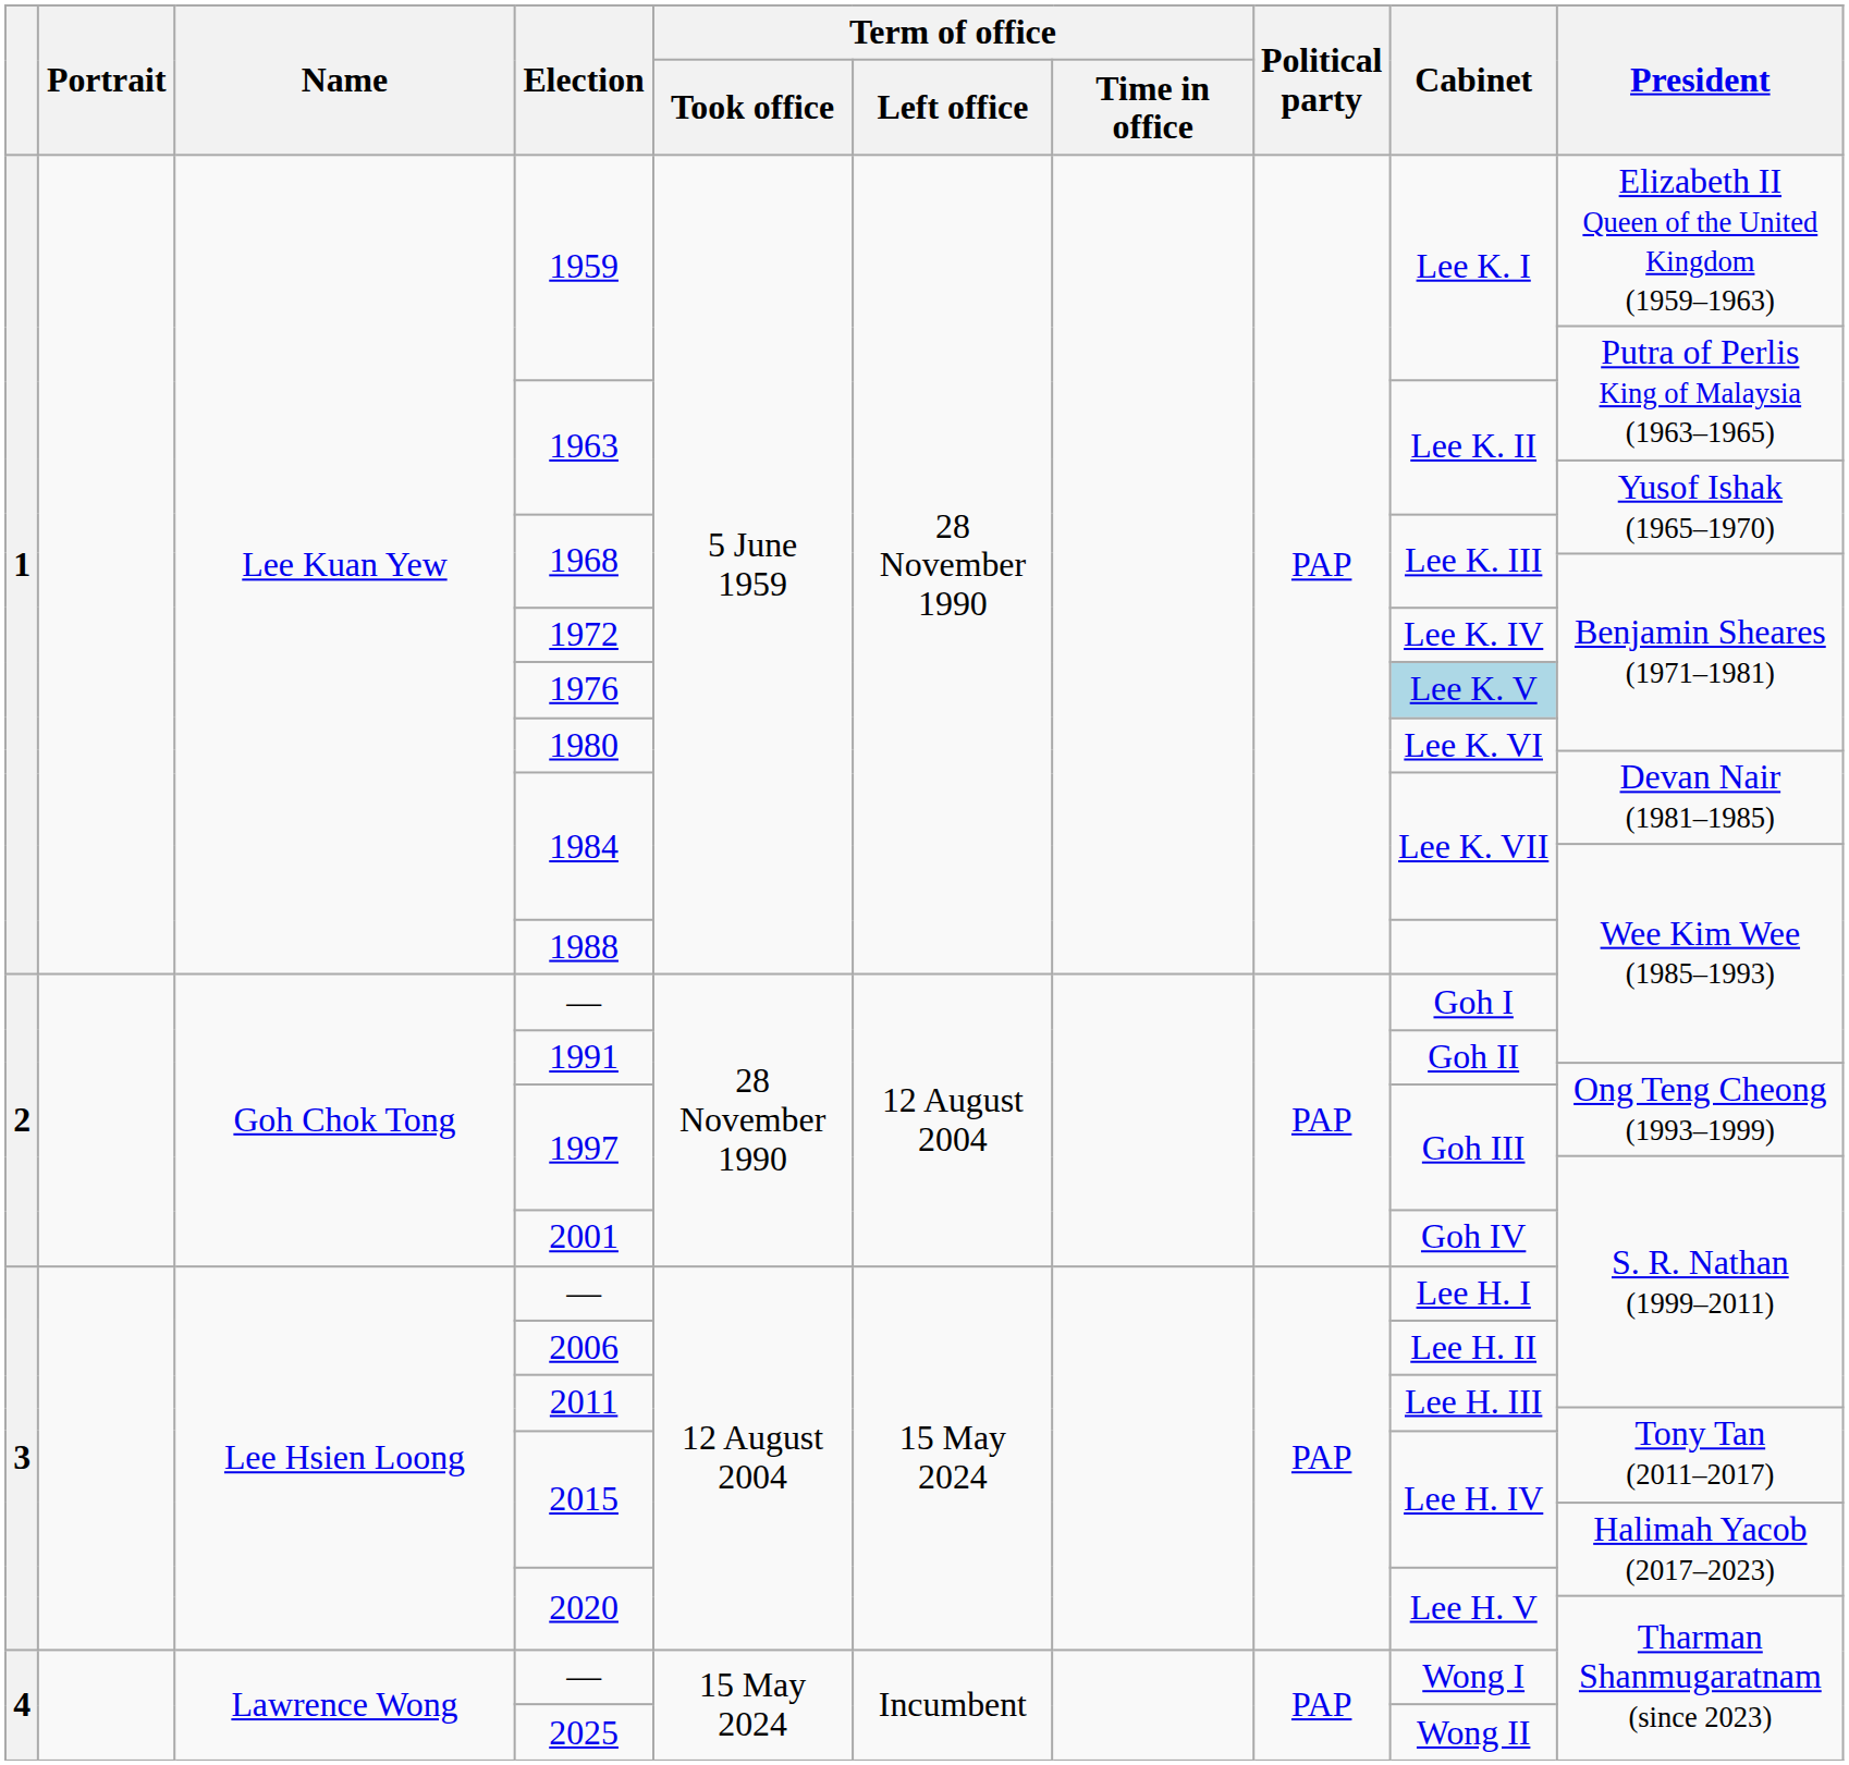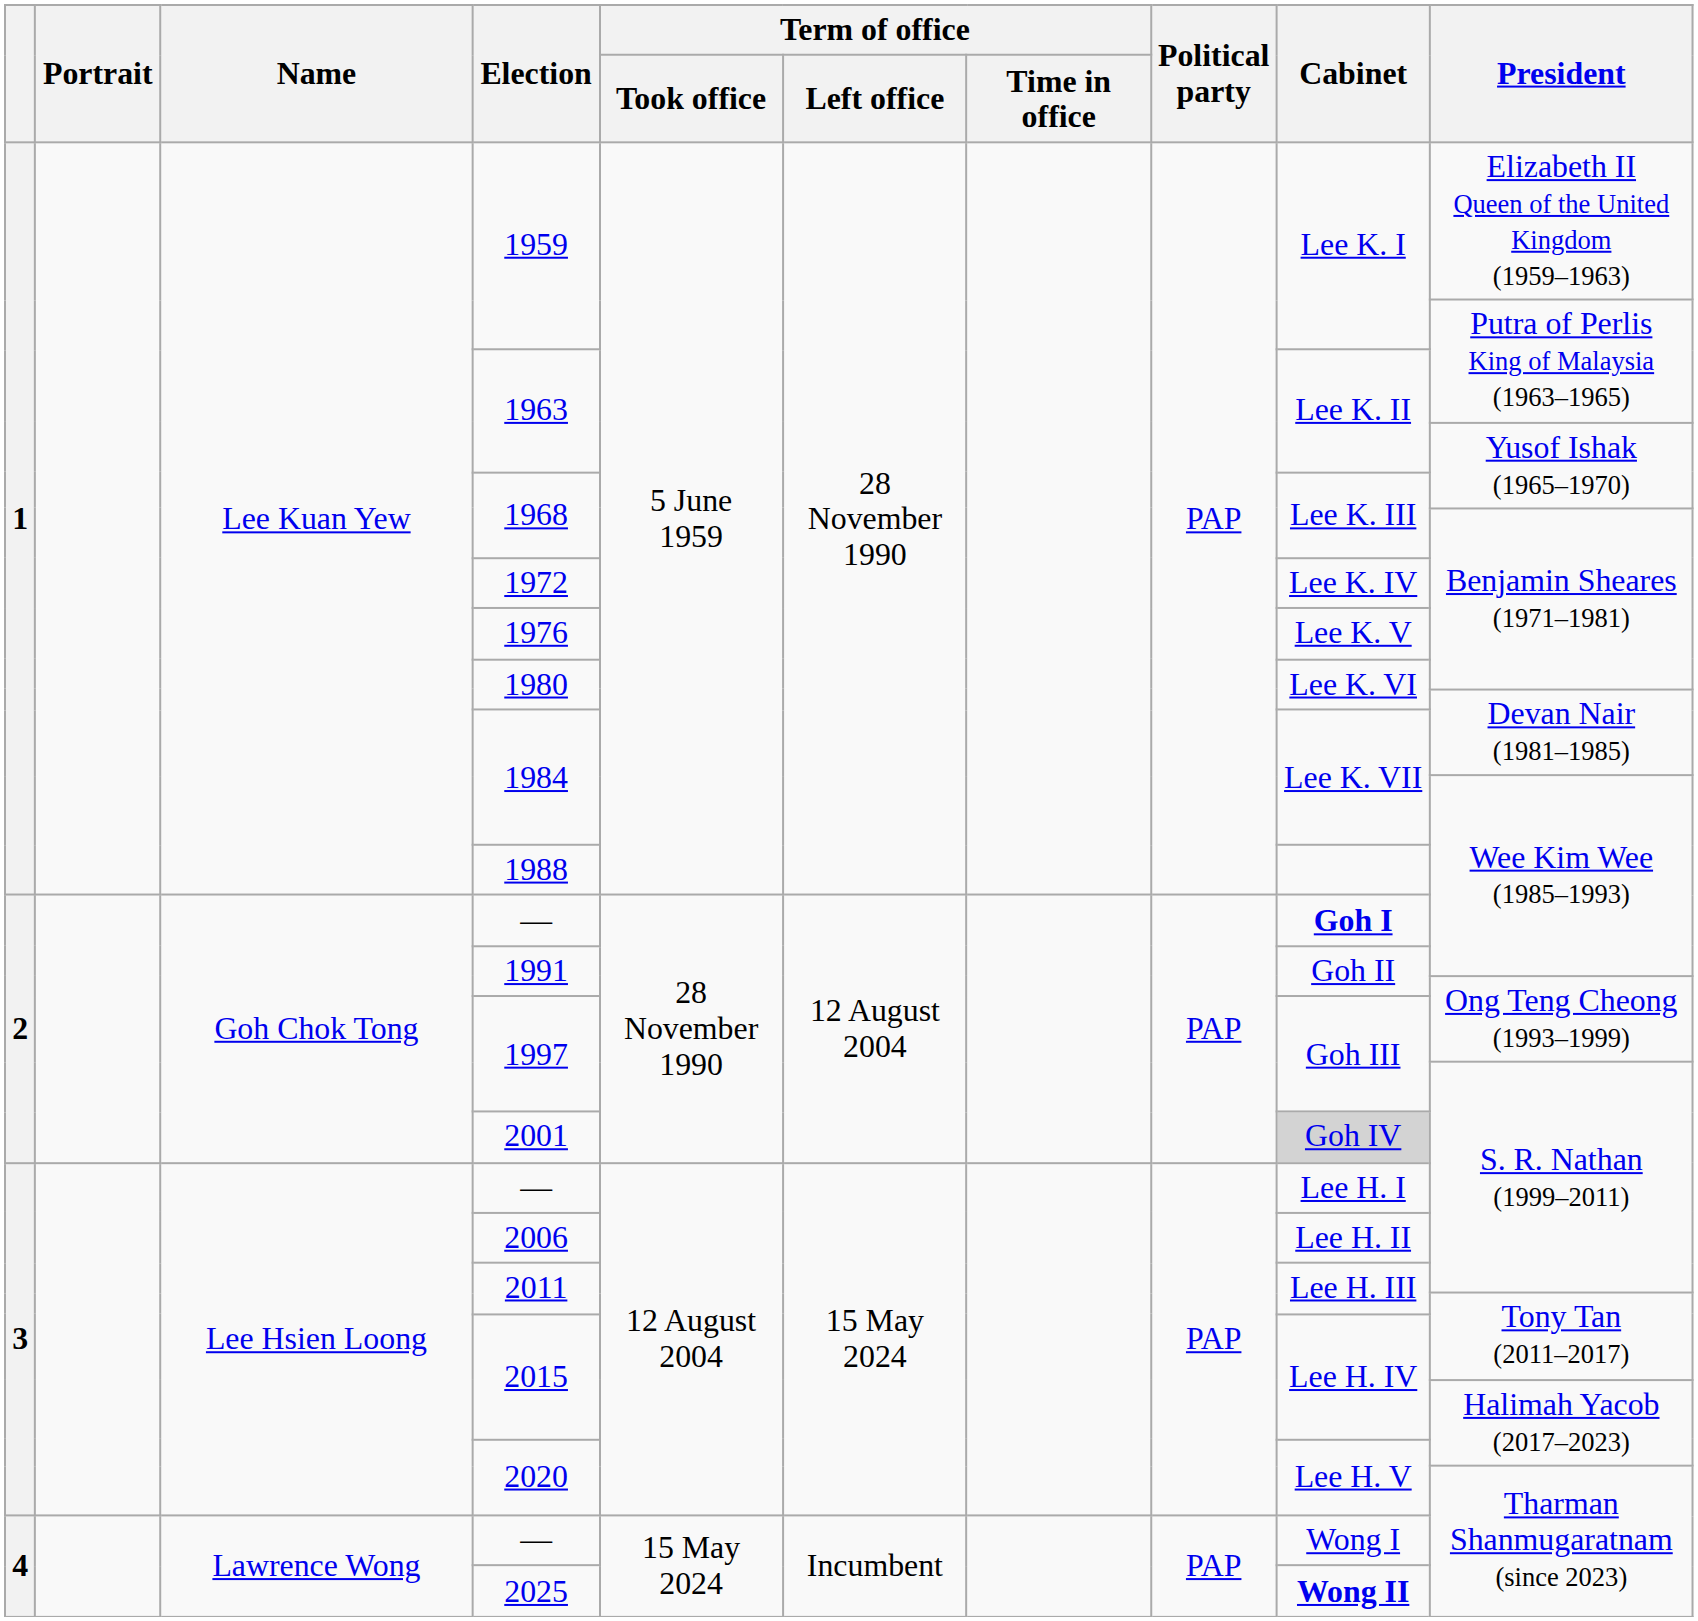 <table class="wikitable" style="text-align:center; ;">
 <tr>
 <th rowspan="2"></th>
 <th rowspan="2">Portrait</th>
 <th rowspan="2" width="150">Name<br></th>
 <th rowspan="2">Election</th>
 <th colspan="3">Term of office</th>
 <th rowspan="2">Political party</th>
 <th rowspan="2">Cabinet</th>
 <th rowspan="2" width="125"><a href='#'>President</a></th>
 </tr>
 <tr>
 <th width="85">Took office</th>
 <th width="85">Left office</th>
 <th width="85">Time in office</th>
 </tr>
 <tr>
 <th rowspan="13" style="background:">1</th>
 <td rowspan="13"></td>
 <td rowspan="13"><a href='#'>Lee Kuan Yew</a><br></td>
 <td rowspan="2"><a href='#'>1959</a></td>
 <td rowspan="13">5 June<br>1959</td>
 <td rowspan="13">28 November<br>1990</td>
 <td rowspan="13"></td>
 <td rowspan="13" width="50px"><a href='#'>PAP</a></td>
 <td rowspan="2"><a href='#'>Lee K. I</a></td>
 <td><a href='#'>Elizabeth II</a><br><small><a href='#'>Queen of the United Kingdom</a><br>(1959–1963)</small></td>
 </tr>
 <tr style="height:25px;">
 <td rowspan="2"><a href='#'>Putra of Perlis</a><br><small><a href='#'>King of Malaysia</a><br>(1963–1965)</small></td>
 </tr>
 <tr>
 <td rowspan="2"><a href='#'>1963</a></td>
 <td rowspan="2"><a href='#'>Lee K. II</a></td>
 </tr>
 <tr style="height:25px;">
 <td rowspan="2"><a href='#'>Yusof Ishak</a><br><small>(1965–1970)</small></td>
 </tr>
 <tr>
 <td rowspan="2"><a href='#'>1968</a></td>
 <td rowspan="2"><a href='#'>Lee K. III</a></td>
 </tr>
 <tr style="height:25px;">
 <td rowspan="4"><a href='#'>Benjamin Sheares</a><br><small>(1971–1981)</small></td>
 </tr>
 <tr>
 <td><a href='#'>1972</a></td>
 <td><a href='#'>Lee K. IV</a></td>
 </tr>
 <tr>
 <td><a href='#'>1976</a></td>
-<td style="background: lightblue;"><a href='#'>Lee K. V</a></td>
+<td><a href='#'>Lee K. V</a></td>
 </tr>
 <tr style="height:15px;">
 <td rowspan="2"><a href='#'>1980</a></td>
 <td rowspan="2"><a href='#'>Lee K. VI</a></td>
 </tr>
 <tr>
 <td rowspan="2"><a href='#'>Devan Nair</a><br><small>(1981–1985)</small></td>
 </tr>
 <tr>
 <td rowspan="2"><a href='#'>1984</a></td>
 <td rowspan="2"><a href='#'>Lee K. VII</a></td>
 </tr>
 <tr style="height:35px;">
 <td rowspan="4"><a href='#'>Wee Kim Wee</a><br><small>(1985–1993)</small></td>
 </tr>
 <tr>
 <td><a href='#'>1988</a></td>
 <td></td>
 </tr>
 <tr>
 <th rowspan="6" style="background:">2</th>
 <td rowspan="6"></td>
 <td rowspan="6"><a href='#'>Goh Chok Tong</a><br></td>
 <td>—</td>
 <td rowspan="6">28 November<br>1990</td>
 <td rowspan="6">12 August<br>2004</td>
 <td rowspan="6"></td>
 <td rowspan="6"><a href='#'>PAP</a></td>
-<td><a href='#'>Goh I</a></td>
+<td><strong><a href='#'>Goh I</a></strong></td>
 </tr>
 <tr style="height:15px;">
 <td rowspan="2"><a href='#'>1991</a></td>
 <td rowspan="2"><a href='#'>Goh II</a></td>
 </tr>
 <tr>
 <td rowspan="2"><a href='#'>Ong Teng Cheong</a><br><small>(1993–1999)</small></td>
 </tr>
 <tr>
 <td rowspan="2"><a href='#'>1997</a></td>
 <td rowspan="2"><a href='#'>Goh III</a></td>
 </tr>
 <tr style="height:25px;">
 <td rowspan="5"><a href='#'>S. R. Nathan</a><br><small>(1999–2011)</small></td>
 </tr>
 <tr>
 <td><a href='#'>2001</a></td>
-<td><a href='#'>Goh IV</a></td>
+<td style="background: lightgrey;"><a href='#'>Goh IV</a></td>
 </tr>
 <tr>
 <th rowspan="8" style="background:">3</th>
 <td rowspan="8"></td>
 <td rowspan="8"><a href='#'>Lee Hsien Loong</a><br></td>
 <td>—</td>
 <td rowspan="8">12 August<br>2004</td>
 <td rowspan="8">15 May<br>2024</td>
 <td rowspan="8"></td>
 <td rowspan="8"><a href='#'>PAP</a></td>
 <td><a href='#'>Lee H. I</a></td>
 </tr>
 <tr>
 <td><a href='#'>2006</a></td>
 <td><a href='#'>Lee H. II</a></td>
 </tr>
 <tr style="height:15px;">
 <td rowspan="2"><a href='#'>2011</a></td>
 <td rowspan="2"><a href='#'>Lee H. III</a></td>
 </tr>
 <tr>
 <td rowspan="2"><a href='#'>Tony Tan</a><br><small>(2011–2017)</small></td>
 </tr>
 <tr>
 <td rowspan="2"><a href='#'>2015</a></td>
 <td rowspan="2"><a href='#'>Lee H. IV</a></td>
 </tr>
 <tr style="height:30px;">
 <td rowspan="2"><a href='#'>Halimah Yacob</a><br><small>(2017–2023)</small></td>
 </tr>
 <tr>
 <td rowspan="2"><a href='#'>2020</a></td>
 <td rowspan="2"><a href='#'>Lee H. V</a></td>
 </tr>
 <tr style="height:25px;">
 <td rowspan="3"><a href='#'>Tharman Shanmugaratnam</a><br><small>(since 2023)</small></td>
 </tr>
 <tr>
 <th rowspan=2 style="background:">4</th>
 <td rowspan="2"></td>
 <td rowspan="2"><a href='#'>Lawrence Wong</a><br></td>
 <td>—</td>
 <td rowspan="2">15 May<br>2024</td>
 <td rowspan="2">Incumbent</td>
 <td rowspan="2"></td>
 <td rowspan="2"><a href='#'>PAP</a></td>
 <td><a href='#'>Wong I</a></td>
 </tr>
 <tr>
 <td><a href='#'>2025</a></td>
-<td><a href='#'>Wong II</a></td>
+<td><strong><a href='#'>Wong II</a></strong></td>
 </tr>
 </table>
